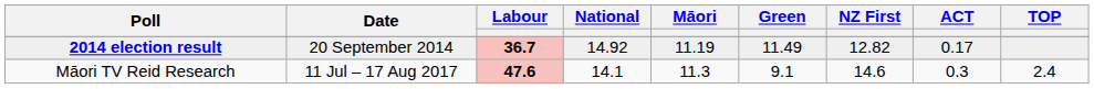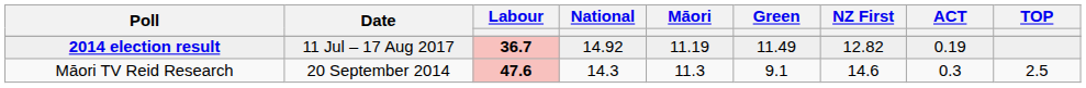 <table class="wikitable" style="font-size:90%; line-height:14px; text-align:center">
 <tr>
 <th style="width:240px;" rowspan="2">Poll</th>
 <th style="width:160px;" rowspan="2">Date </th>
 <th style="width:70px;" r bgcolor=><a href='#'>Labour</a></th>
 <th style="width:70px;" r bgcolor=><a href='#'>National</a></th>
 <th style="width:70px;" r bgcolor=><a href='#'>Māori</a></th>
 <th style="width:70px;" r bgcolor=><a href='#'>Green</a></th>
 <th style="width:70px;" r bgcolor=><a href='#'>NZ First</a></th>
 <th style="width:70px;" r bgcolor=><a href='#'>ACT</a></th>
 <th style="width:70px;" r bgcolor=><a href='#'>TOP</a></th>
 </tr>
 <tr>
 <th class="unsortable" style="color:inherit;background:"></th>
 <th class="unsortable" style="color:inherit;background:"></th>
 <th class="unsortable" style="color:inherit;background:"></th>
 <th class="unsortable" style="color:inherit;background:"></th>
 <th class="unsortable" style="color:inherit;background:"></th>
 <th class="unsortable" style="color:inherit;background:"></th>
 <th class="unsortable" style="color:inherit;background:"></th>
 </tr>
 <tr>
 </tr>
 <tr style="background:#EFEFEF; font-weight:italic;">
 <td><strong><a href='#'>2014 election result</a></strong></td>
-<td>20 September 2014</td>
+<td>11 Jul – 17 Aug 2017</td>
 <td style="background:#F8C1BE"><strong>36.7</strong></td>
 <td>14.92</td>
 <td>11.19</td>
 <td>11.49</td>
 <td>12.82</td>
-<td>0.17</td>
+<td>0.19</td>
 <td></td>
 </tr>
 <tr>
 <td>Māori TV Reid Research</td>
-<td>11 Jul – 17 Aug 2017</td>
+<td>20 September 2014</td>
 <td style="background:#F8C1BE"><strong>47.6</strong></td>
-<td>14.1</td>
+<td>14.3</td>
 <td>11.3</td>
 <td>9.1</td>
 <td>14.6</td>
 <td>0.3</td>
-<td>2.4</td>
+<td>2.5</td>
 </tr>
 </table>
